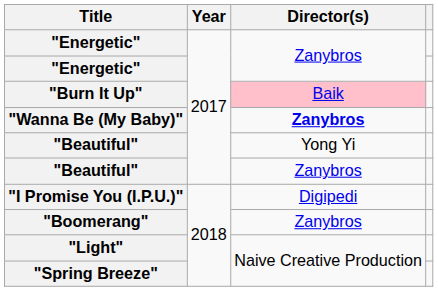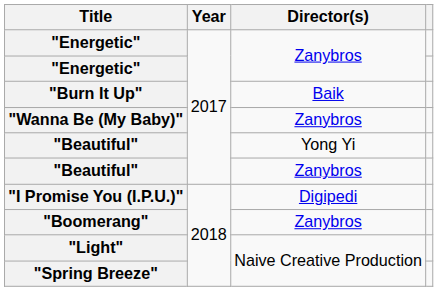 <table class="wikitable plainrowheaders" style="text-align:center;">
 <tr>
 <th scope="col">Title</th>
 <th scope="col">Year</th>
 <th scope="col">Director(s)</th>
 <th scope="col"></th>
 </tr>
 <tr>
 <th scope="row">"Energetic"</th>
 <td rowspan="6">2017</td>
 <td rowspan="2"><a href='#'>Zanybros</a></td>
 <td></td>
 </tr>
 <tr>
 <th scope="row">"Energetic" </th>
 <td></td>
 </tr>
 <tr>
 <th scope="row">"Burn It Up" </th>
-<td style="background: pink;"><a href='#'>Baik</a></td>
+<td><a href='#'>Baik</a></td>
 <td></td>
 </tr>
 <tr>
 <th scope="row">"Wanna Be (My Baby)" </th>
-<td><strong><a href='#'>Zanybros</a></strong></td>
+<td><a href='#'>Zanybros</a></td>
 <td></td>
 </tr>
 <tr>
 <th scope="row">"Beautiful" </th>
 <td>Yong Yi</td>
 <td></td>
 </tr>
 <tr>
 <th scope="row">"Beautiful" </th>
 <td><a href='#'>Zanybros</a></td>
 <td></td>
 </tr>
 <tr>
 <th scope="row">"I Promise You (I.P.U.)"</th>
 <td rowspan="4">2018</td>
 <td><a href='#'>Digipedi</a></td>
 <td></td>
 </tr>
 <tr>
 <th scope="row">"Boomerang"</th>
 <td><a href='#'>Zanybros</a></td>
 <td></td>
 </tr>
 <tr>
 <th scope="row">"Light"</th>
 <td rowspan="2">Naive Creative Production</td>
 <td></td>
 </tr>
 <tr>
 <th scope="row">"Spring Breeze"</th>
 <td></td>
 </tr>
 </table>
